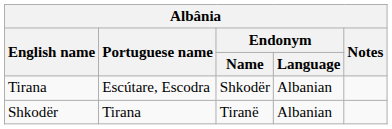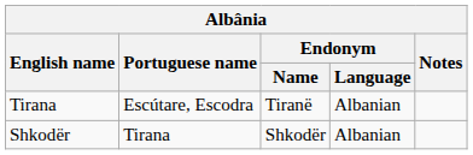 <table class="wikitable sortable">
 <tr>
 <th colspan="5"> Albânia</th>
 </tr>
 <tr>
 <th rowspan="2">English name</th>
 <th rowspan="2">Portuguese name</th>
 <th colspan="2">Endonym</th>
 <th rowspan="2">Notes</th>
 </tr>
 <tr>
 <th>Name</th>
 <th>Language</th>
 </tr>
 <tr>
 <td>Tirana</td>
 <td>Escútare, Escodra</td>
-<td>Shkodër</td>
+<td>Tiranë</td>
 <td>Albanian</td>
 <td></td>
 </tr>
 <tr>
 <td>Shkodër</td>
 <td>Tirana</td>
-<td>Tiranë</td>
+<td>Shkodër</td>
 <td>Albanian</td>
 <td></td>
 </tr>
 </table>
